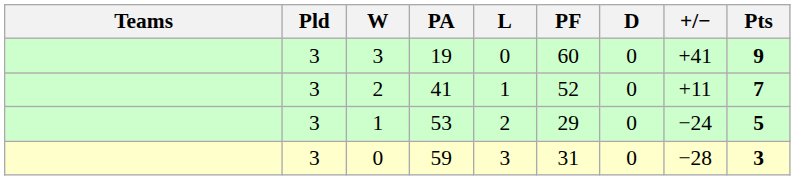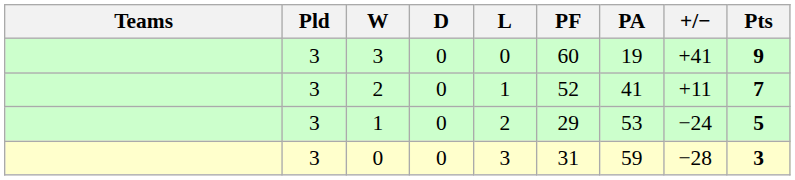 <table class="wikitable" style="text-align: center;">
 <tr>
 <th width="200">Teams</th>
 <th width="40">Pld</th>
 <th width="40">W</th>
-<th width="40">PA</th>
+<th width="40">D</th>
 <th width="40">L</th>
 <th width="40">PF</th>
-<th width="40">D</th>
+<th width="40">PA</th>
 <th width="40">+/−</th>
 <th width="40">Pts</th>
 </tr>
 <tr bgcolor=ccffcc>
 <td align=left></td>
 <td>3</td>
 <td>3</td>
-<td>19</td>
+<td>0</td>
 <td>0</td>
 <td>60</td>
-<td>0</td>
+<td>19</td>
 <td>+41</td>
 <td><strong>9</strong></td>
 </tr>
 <tr bgcolor=ccffcc>
 <td align=left></td>
 <td>3</td>
 <td>2</td>
-<td>41</td>
+<td>0</td>
 <td>1</td>
 <td>52</td>
-<td>0</td>
+<td>41</td>
 <td>+11</td>
 <td><strong>7</strong></td>
 </tr>
 <tr bgcolor=ccffcc>
 <td align=left></td>
 <td>3</td>
 <td>1</td>
-<td>53</td>
+<td>0</td>
 <td>2</td>
 <td>29</td>
-<td>0</td>
+<td>53</td>
 <td>−24</td>
 <td><strong>5</strong></td>
 </tr>
 <tr bgcolor=ffffcc>
 <td align=left></td>
 <td>3</td>
 <td>0</td>
-<td>59</td>
+<td>0</td>
 <td>3</td>
 <td>31</td>
-<td>0</td>
+<td>59</td>
 <td>−28</td>
 <td><strong>3</strong></td>
 </tr>
 </table>
